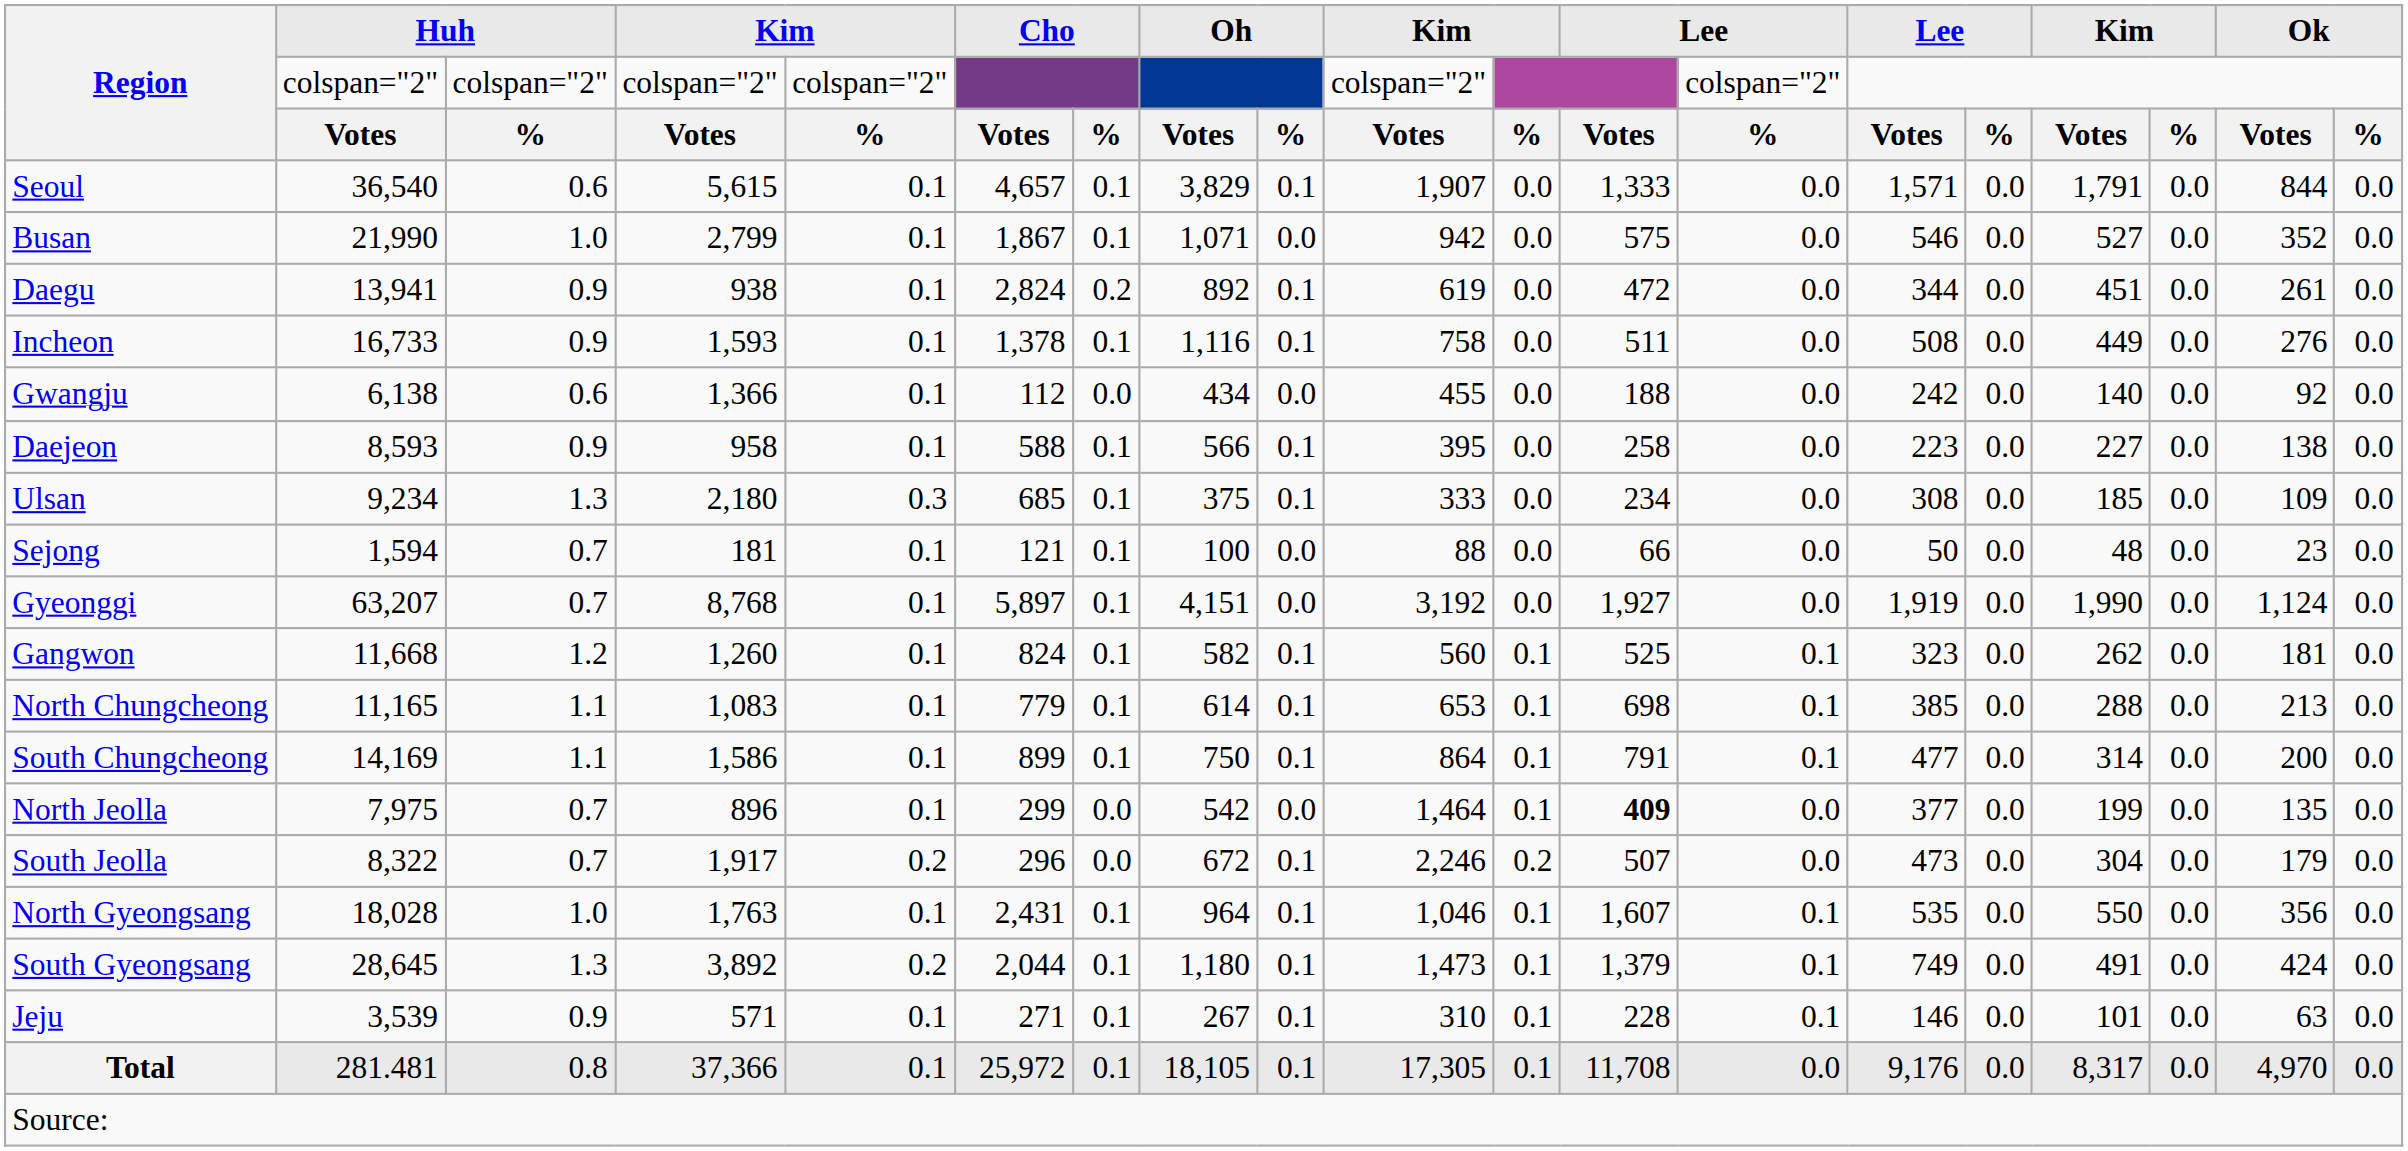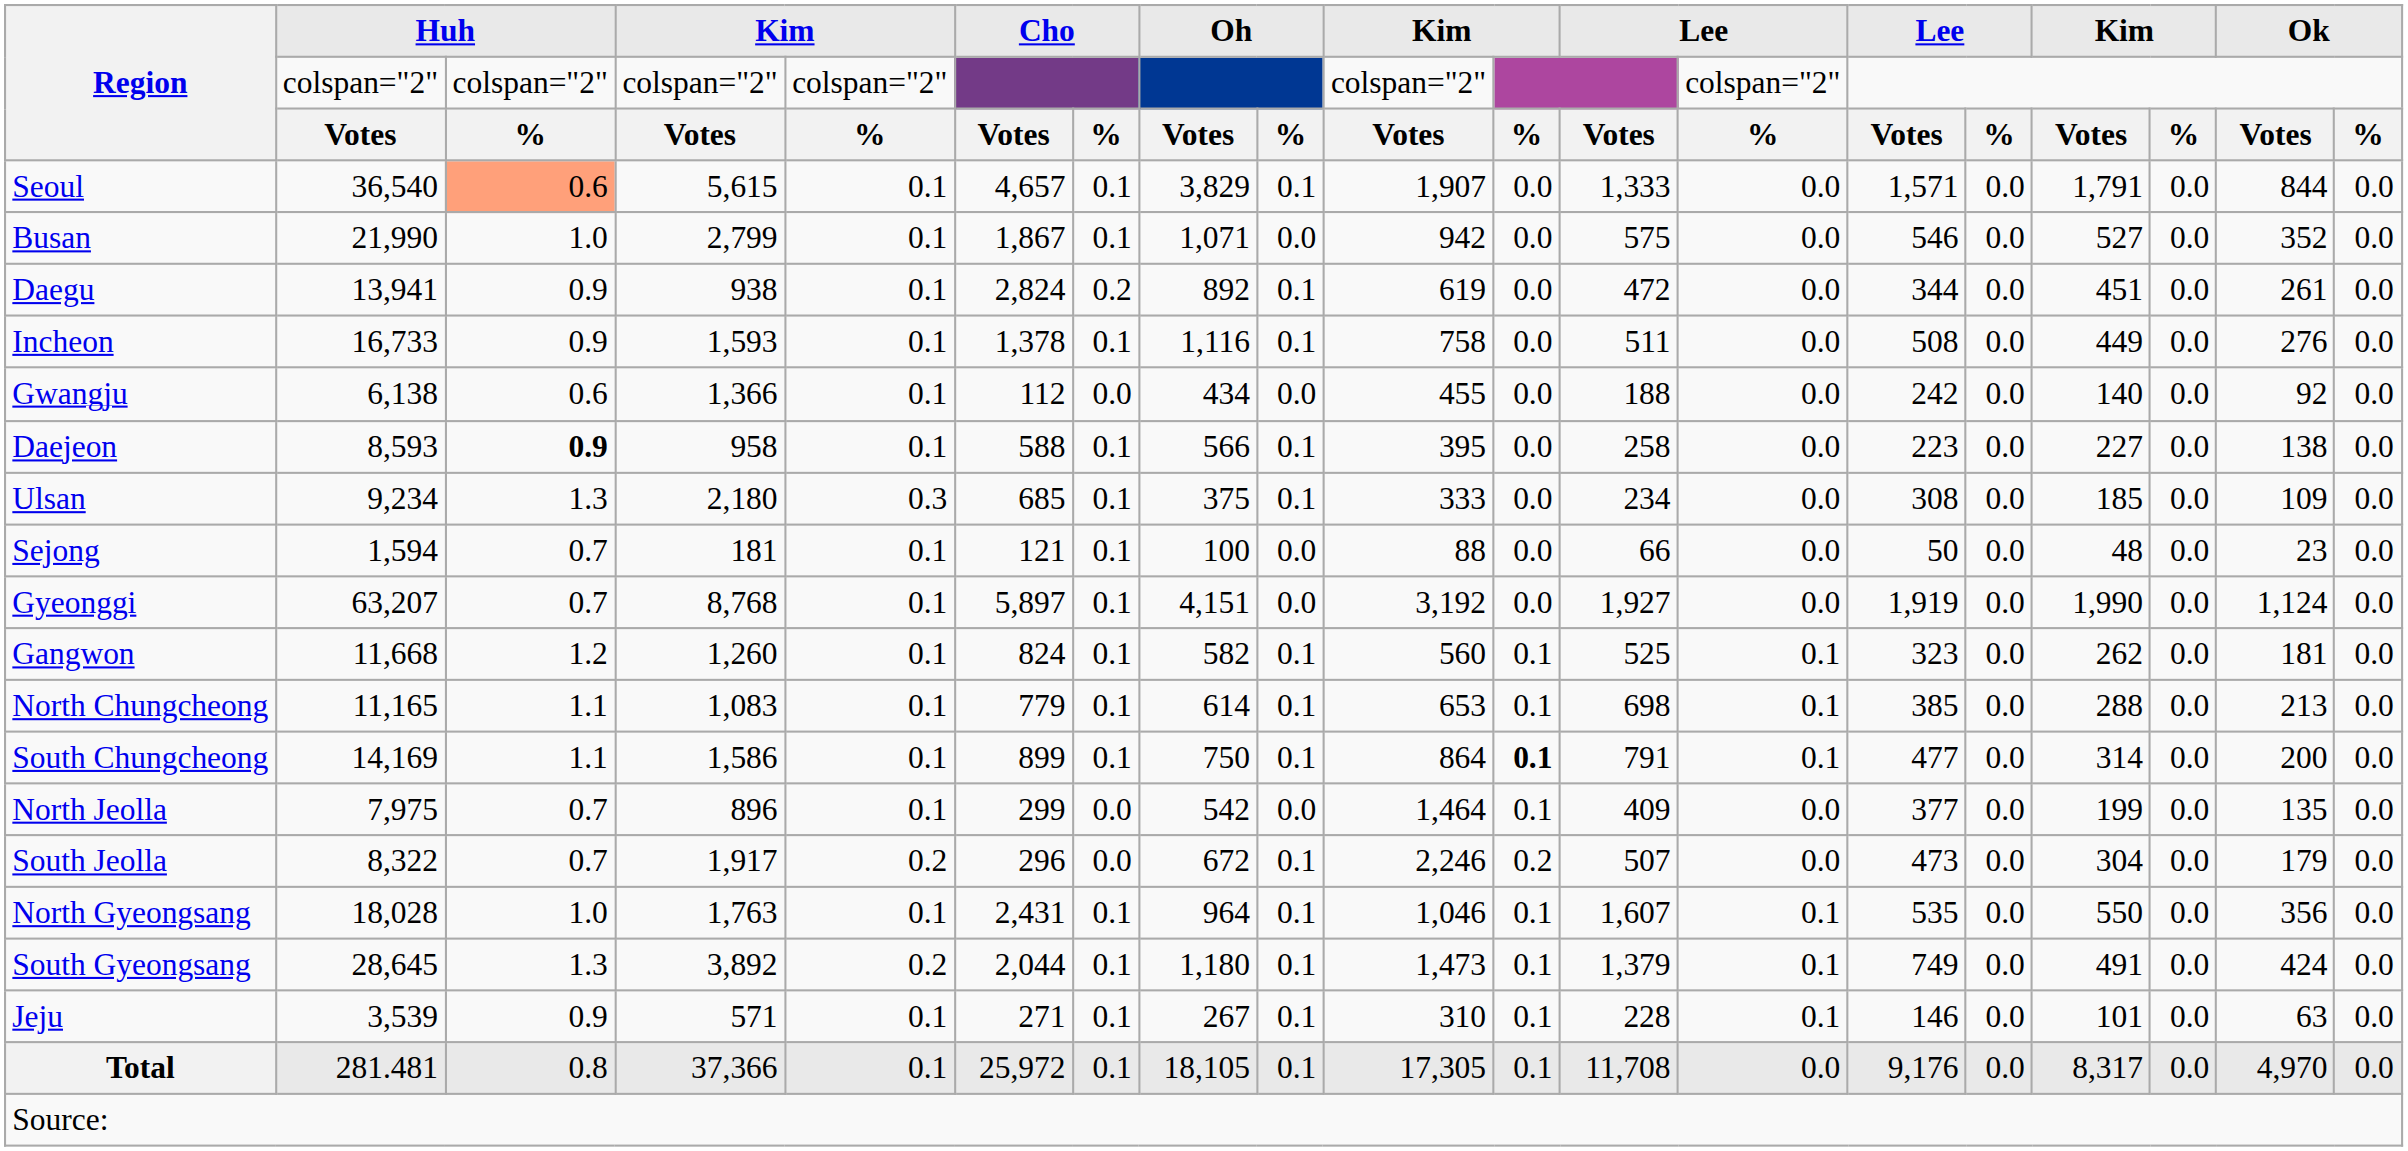 <table class="wikitable" style="text-align:right; font-size:95%">
 <tr>
 <th rowspan="3"><a href='#'>Region</a></th>
 <th colspan="2" align="center" style="background: #E9E9E9"><a href='#'>Huh<br></a></th>
 <th colspan="2" align="center" style="background: #E9E9E9"><a href='#'>Kim<br></a></th>
 <th colspan="2" align="center" style="background: #E9E9E9"><a href='#'>Cho<br></a></th>
 <th colspan="2" align="center" style="background: #E9E9E9">Oh<br></th>
 <th colspan="2" align="center" style="background: #E9E9E9">Kim<br></th>
 <th colspan="2" align="center" style="background: #E9E9E9">Lee<br></th>
 <th colspan="2" align="center" style="background: #E9E9E9"><a href='#'>Lee<br></a></th>
 <th colspan="2" align="center" style="background: #E9E9E9">Kim<br></th>
 <th colspan="2" align="center" style="background: #E9E9E9">Ok<br></th>
 </tr>
 <tr>
 <td>colspan="2" </td>
 <td>colspan="2" </td>
 <td>colspan="2" </td>
 <td>colspan="2" </td>
 <td colspan="2" bgcolor="#733A87"></td>
 <td colspan="2" bgcolor="#003793"></td>
 <td>colspan="2" </td>
 <td colspan="2" bgcolor="#AD469F"></td>
 <td>colspan="2" </td>
 </tr>
 <tr>
 <th width="50px">Votes</th>
 <th width="25px">%</th>
 <th width="50px">Votes</th>
 <th width="25px">%</th>
 <th width="50px">Votes</th>
 <th width="25px">%</th>
 <th width="50px">Votes</th>
 <th width="25px">%</th>
 <th width="50px">Votes</th>
 <th width="25px">%</th>
 <th width="50px">Votes</th>
 <th width="25px">%</th>
 <th width="50px">Votes</th>
 <th width="25px">%</th>
 <th width="50px">Votes</th>
 <th width="25px">%</th>
 <th width="50px">Votes</th>
 <th width="25px">%</th>
 </tr>
 <tr>
 <td align="left"><a href='#'>Seoul</a></td>
 <td>36,540</td>
-<td>0.6</td>
+<td style="background: lightsalmon;">0.6</td>
 <td>5,615</td>
 <td>0.1</td>
 <td>4,657</td>
 <td>0.1</td>
 <td>3,829</td>
 <td>0.1</td>
 <td>1,907</td>
 <td>0.0</td>
 <td>1,333</td>
 <td>0.0</td>
 <td>1,571</td>
 <td>0.0</td>
 <td>1,791</td>
 <td>0.0</td>
 <td>844</td>
 <td>0.0</td>
 </tr>
 <tr>
 <td align="left"><a href='#'>Busan</a></td>
 <td>21,990</td>
 <td>1.0</td>
 <td>2,799</td>
 <td>0.1</td>
 <td>1,867</td>
 <td>0.1</td>
 <td>1,071</td>
 <td>0.0</td>
 <td>942</td>
 <td>0.0</td>
 <td>575</td>
 <td>0.0</td>
 <td>546</td>
 <td>0.0</td>
 <td>527</td>
 <td>0.0</td>
 <td>352</td>
 <td>0.0</td>
 </tr>
 <tr>
 <td align="left"><a href='#'>Daegu</a></td>
 <td>13,941</td>
 <td>0.9</td>
 <td>938</td>
 <td>0.1</td>
 <td>2,824</td>
 <td>0.2</td>
 <td>892</td>
 <td>0.1</td>
 <td>619</td>
 <td>0.0</td>
 <td>472</td>
 <td>0.0</td>
 <td>344</td>
 <td>0.0</td>
 <td>451</td>
 <td>0.0</td>
 <td>261</td>
 <td>0.0</td>
 </tr>
 <tr>
 <td align="left"><a href='#'>Incheon</a></td>
 <td>16,733</td>
 <td>0.9</td>
 <td>1,593</td>
 <td>0.1</td>
 <td>1,378</td>
 <td>0.1</td>
 <td>1,116</td>
 <td>0.1</td>
 <td>758</td>
 <td>0.0</td>
 <td>511</td>
 <td>0.0</td>
 <td>508</td>
 <td>0.0</td>
 <td>449</td>
 <td>0.0</td>
 <td>276</td>
 <td>0.0</td>
 </tr>
 <tr>
 <td align="left"><a href='#'>Gwangju</a></td>
 <td>6,138</td>
 <td>0.6</td>
 <td>1,366</td>
 <td>0.1</td>
 <td>112</td>
 <td>0.0</td>
 <td>434</td>
 <td>0.0</td>
 <td>455</td>
 <td>0.0</td>
 <td>188</td>
 <td>0.0</td>
 <td>242</td>
 <td>0.0</td>
 <td>140</td>
 <td>0.0</td>
 <td>92</td>
 <td>0.0</td>
 </tr>
 <tr>
 <td align="left"><a href='#'>Daejeon</a></td>
 <td>8,593</td>
-<td>0.9</td>
+<td><strong>0.9</strong></td>
 <td>958</td>
 <td>0.1</td>
 <td>588</td>
 <td>0.1</td>
 <td>566</td>
 <td>0.1</td>
 <td>395</td>
 <td>0.0</td>
 <td>258</td>
 <td>0.0</td>
 <td>223</td>
 <td>0.0</td>
 <td>227</td>
 <td>0.0</td>
 <td>138</td>
 <td>0.0</td>
 </tr>
 <tr>
 <td align="left"><a href='#'>Ulsan</a></td>
 <td>9,234</td>
 <td>1.3</td>
 <td>2,180</td>
 <td>0.3</td>
 <td>685</td>
 <td>0.1</td>
 <td>375</td>
 <td>0.1</td>
 <td>333</td>
 <td>0.0</td>
 <td>234</td>
 <td>0.0</td>
 <td>308</td>
 <td>0.0</td>
 <td>185</td>
 <td>0.0</td>
 <td>109</td>
 <td>0.0</td>
 </tr>
 <tr>
 <td align="left"><a href='#'>Sejong</a></td>
 <td>1,594</td>
 <td>0.7</td>
 <td>181</td>
 <td>0.1</td>
 <td>121</td>
 <td>0.1</td>
 <td>100</td>
 <td>0.0</td>
 <td>88</td>
 <td>0.0</td>
 <td>66</td>
 <td>0.0</td>
 <td>50</td>
 <td>0.0</td>
 <td>48</td>
 <td>0.0</td>
 <td>23</td>
 <td>0.0</td>
 </tr>
 <tr>
 <td align="left"><a href='#'>Gyeonggi</a></td>
 <td>63,207</td>
 <td>0.7</td>
 <td>8,768</td>
 <td>0.1</td>
 <td>5,897</td>
 <td>0.1</td>
 <td>4,151</td>
 <td>0.0</td>
 <td>3,192</td>
 <td>0.0</td>
 <td>1,927</td>
 <td>0.0</td>
 <td>1,919</td>
 <td>0.0</td>
 <td>1,990</td>
 <td>0.0</td>
 <td>1,124</td>
 <td>0.0</td>
 </tr>
 <tr>
 <td align="left"><a href='#'>Gangwon</a></td>
 <td>11,668</td>
 <td>1.2</td>
 <td>1,260</td>
 <td>0.1</td>
 <td>824</td>
 <td>0.1</td>
 <td>582</td>
 <td>0.1</td>
 <td>560</td>
 <td>0.1</td>
 <td>525</td>
 <td>0.1</td>
 <td>323</td>
 <td>0.0</td>
 <td>262</td>
 <td>0.0</td>
 <td>181</td>
 <td>0.0</td>
 </tr>
 <tr>
 <td align="left"><a href='#'>North Chungcheong</a></td>
 <td>11,165</td>
 <td>1.1</td>
 <td>1,083</td>
 <td>0.1</td>
 <td>779</td>
 <td>0.1</td>
 <td>614</td>
 <td>0.1</td>
 <td>653</td>
 <td>0.1</td>
 <td>698</td>
 <td>0.1</td>
 <td>385</td>
 <td>0.0</td>
 <td>288</td>
 <td>0.0</td>
 <td>213</td>
 <td>0.0</td>
 </tr>
 <tr>
 <td align="left"><a href='#'>South Chungcheong</a></td>
 <td>14,169</td>
 <td>1.1</td>
 <td>1,586</td>
 <td>0.1</td>
 <td>899</td>
 <td>0.1</td>
 <td>750</td>
 <td>0.1</td>
 <td>864</td>
-<td>0.1</td>
+<td><strong>0.1</strong></td>
 <td>791</td>
 <td>0.1</td>
 <td>477</td>
 <td>0.0</td>
 <td>314</td>
 <td>0.0</td>
 <td>200</td>
 <td>0.0</td>
 </tr>
 <tr>
 <td align="left"><a href='#'>North Jeolla</a></td>
 <td>7,975</td>
 <td>0.7</td>
 <td>896</td>
 <td>0.1</td>
 <td>299</td>
 <td>0.0</td>
 <td>542</td>
 <td>0.0</td>
 <td>1,464</td>
 <td>0.1</td>
-<td><strong>409</strong></td>
+<td>409</td>
 <td>0.0</td>
 <td>377</td>
 <td>0.0</td>
 <td>199</td>
 <td>0.0</td>
 <td>135</td>
 <td>0.0</td>
 </tr>
 <tr>
 <td align="left"><a href='#'>South Jeolla</a></td>
 <td>8,322</td>
 <td>0.7</td>
 <td>1,917</td>
 <td>0.2</td>
 <td>296</td>
 <td>0.0</td>
 <td>672</td>
 <td>0.1</td>
 <td>2,246</td>
 <td>0.2</td>
 <td>507</td>
 <td>0.0</td>
 <td>473</td>
 <td>0.0</td>
 <td>304</td>
 <td>0.0</td>
 <td>179</td>
 <td>0.0</td>
 </tr>
 <tr>
 <td align="left"><a href='#'>North Gyeongsang</a></td>
 <td>18,028</td>
 <td>1.0</td>
 <td>1,763</td>
 <td>0.1</td>
 <td>2,431</td>
 <td>0.1</td>
 <td>964</td>
 <td>0.1</td>
 <td>1,046</td>
 <td>0.1</td>
 <td>1,607</td>
 <td>0.1</td>
 <td>535</td>
 <td>0.0</td>
 <td>550</td>
 <td>0.0</td>
 <td>356</td>
 <td>0.0</td>
 </tr>
 <tr>
 <td align="left"><a href='#'>South Gyeongsang</a></td>
 <td>28,645</td>
 <td>1.3</td>
 <td>3,892</td>
 <td>0.2</td>
 <td>2,044</td>
 <td>0.1</td>
 <td>1,180</td>
 <td>0.1</td>
 <td>1,473</td>
 <td>0.1</td>
 <td>1,379</td>
 <td>0.1</td>
 <td>749</td>
 <td>0.0</td>
 <td>491</td>
 <td>0.0</td>
 <td>424</td>
 <td>0.0</td>
 </tr>
 <tr>
 <td align="left"><a href='#'>Jeju</a></td>
 <td>3,539</td>
 <td>0.9</td>
 <td>571</td>
 <td>0.1</td>
 <td>271</td>
 <td>0.1</td>
 <td>267</td>
 <td>0.1</td>
 <td>310</td>
 <td>0.1</td>
 <td>228</td>
 <td>0.1</td>
 <td>146</td>
 <td>0.0</td>
 <td>101</td>
 <td>0.0</td>
 <td>63</td>
 <td>0.0</td>
 </tr>
 <tr - style="background:#E9E9E9">
 <th align="left"><strong>Total</strong></th>
 <td>281.481</td>
 <td>0.8</td>
 <td>37,366</td>
 <td>0.1</td>
 <td>25,972</td>
 <td>0.1</td>
 <td>18,105</td>
 <td>0.1</td>
 <td>17,305</td>
 <td>0.1</td>
 <td>11,708</td>
 <td>0.0</td>
 <td>9,176</td>
 <td>0.0</td>
 <td>8,317</td>
 <td>0.0</td>
 <td>4,970</td>
 <td>0.0</td>
 </tr>
 <tr>
 <td colspan="19" align="left">Source: </td>
 </tr>
 </table>
